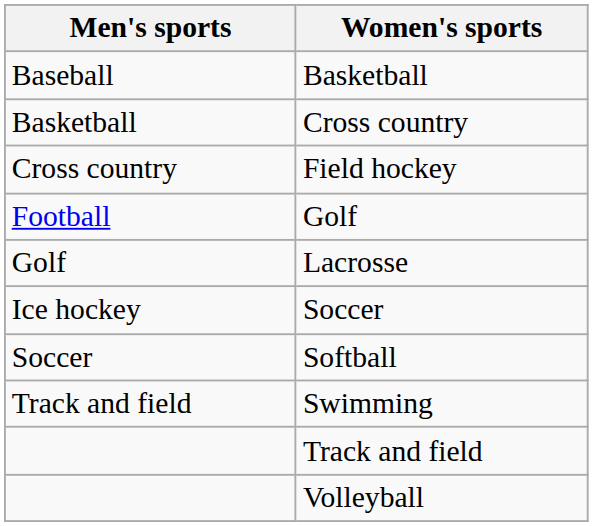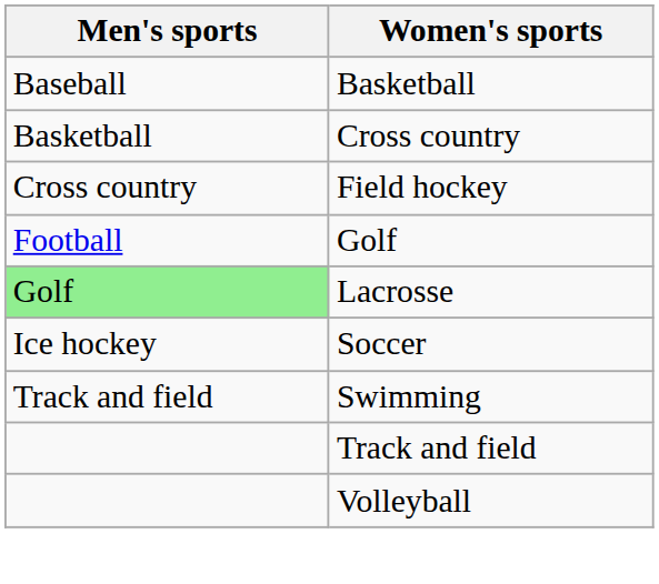 <table class="wikitable"; style= "text-align: ">
 <tr>
 <th width=150px>Men's sports</th>
 <th width=150px>Women's sports</th>
 </tr>
 <tr>
 <td>Baseball</td>
 <td>Basketball</td>
 </tr>
 <tr>
 <td>Basketball</td>
 <td>Cross country</td>
 </tr>
 <tr>
 <td>Cross country</td>
 <td>Field hockey</td>
 </tr>
 <tr>
 <td><a href='#'>Football</a></td>
 <td>Golf</td>
 </tr>
 <tr>
-<td>Golf</td>
+<td style="background: lightgreen;">Golf</td>
 <td>Lacrosse</td>
 </tr>
 <tr>
 <td>Ice hockey</td>
 <td>Soccer</td>
-</tr>
-<tr>
-<td>Soccer</td>
-<td>Softball</td>
 </tr>
 <tr>
 <td>Track and field</td>
 <td>Swimming</td>
 </tr>
 <tr>
 <td></td>
 <td>Track and field</td>
 </tr>
 <tr>
 <td></td>
 <td>Volleyball</td>
 </tr>
 </table>
